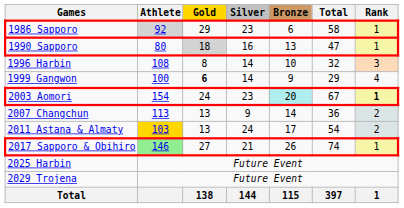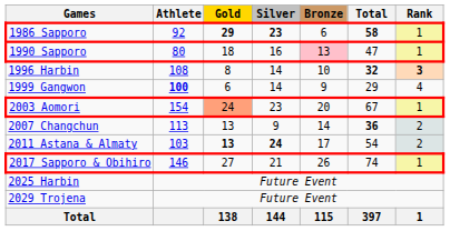 <table class="wikitable sortable" style="margin-top:0em; text-align:center; font-size:100%;">
 <tr>
 <th>Games</th>
 <th style="width:4em;">Athlete</th>
 <th style="background:gold; width:4em;"><strong>Gold</strong></th>
 <th style="background:silver; width:4em;"><strong>Silver</strong></th>
 <th style="background:#cc9966; width:4em;"><strong>Bronze</strong></th>
 <th style="width:4em;">Total</th>
 <th style="width:4em;">Rank</th>
 </tr>
 <tr style="border: 3px solid red">
 <td align=left> <a href='#'>1986 Sapporo</a></td>
-<td style="background: lightgrey;"><a href='#'>92</a></td>
-<td>29</td>
-<td>23</td>
+<td><a href='#'>92</a></td>
+<td><strong>29</strong></td>
+<td><strong>23</strong></td>
 <td>6</td>
-<td>58</td>
+<td><strong>58</strong></td>
 <td bgcolor=f7f6a8>1</td>
 </tr>
 <tr style="border: 3px solid red">
 <td align=left> <a href='#'>1990 Sapporo</a></td>
 <td><a href='#'>80</a></td>
-<td style="background: lightgrey;">18</td>
+<td>18</td>
 <td>16</td>
-<td>13</td>
+<td style="background: pink;">13</td>
 <td>47</td>
 <td bgcolor=f7f6a8>1</td>
 </tr>
 <tr>
 <td align=left> <a href='#'>1996 Harbin</a></td>
 <td><a href='#'>108</a></td>
 <td>8</td>
 <td>14</td>
 <td>10</td>
-<td>32</td>
-<td bgcolor=ffdab9>3</td>
+<td><strong>32</strong></td>
+<td bgcolor=ffdab9><strong>3</strong></td>
 </tr>
 <tr>
 <td align=left> <a href='#'>1999 Gangwon</a></td>
-<td><a href='#'>100</a></td>
-<td><strong>6</strong></td>
+<td><strong><a href='#'>100</a></strong></td>
+<td>6</td>
 <td>14</td>
 <td>9</td>
 <td>29</td>
 <td>4</td>
 </tr>
 <tr style="border: 3px solid red">
 <td align=left> <a href='#'>2003 Aomori</a></td>
 <td><a href='#'>154</a></td>
-<td>24</td>
+<td style="background: lightsalmon;">24</td>
 <td>23</td>
-<td style="background: paleturquoise;">20</td>
+<td>20</td>
 <td>67</td>
-<td bgcolor=f7f6a8><strong>1</strong></td>
+<td bgcolor=f7f6a8>1</td>
 </tr>
 <tr>
 <td align=left> <a href='#'>2007 Changchun</a></td>
 <td><a href='#'>113</a></td>
 <td>13</td>
 <td>9</td>
 <td>14</td>
-<td>36</td>
+<td><strong>36</strong></td>
 <td bgcolor=dce5e5>2</td>
 </tr>
 <tr>
 <td align=left> <a href='#'>2011 Astana & Almaty</a></td>
-<td style="background: gold;"><a href='#'>103</a></td>
-<td>13</td>
-<td>24</td>
+<td><a href='#'>103</a></td>
+<td><strong>13</strong></td>
+<td><strong>24</strong></td>
 <td>17</td>
 <td>54</td>
 <td bgcolor=dce5e5>2</td>
 </tr>
 <tr style="border: 3px solid red">
 <td align=left> <a href='#'>2017 Sapporo & Obihiro</a></td>
-<td style="background: lightgreen;"><a href='#'>146</a></td>
+<td><a href='#'>146</a></td>
 <td>27</td>
 <td>21</td>
 <td>26</td>
 <td>74</td>
 <td bgcolor=f7f6a8>1</td>
 </tr>
 <tr>
 <td align=left> <a href='#'>2025 Harbin</a></td>
 <td colspan=6><em>Future Event</em></td>
 </tr>
 <tr>
 <td align=left> <a href='#'>2029 Trojena</a></td>
 <td colspan=6><em>Future Event</em></td>
 </tr>
 <tr>
 <th>Total</th>
 <th></th>
 <th>138</th>
 <th>144</th>
 <th>115</th>
 <th>397</th>
 <th>1</th>
 </tr>
 </table>
